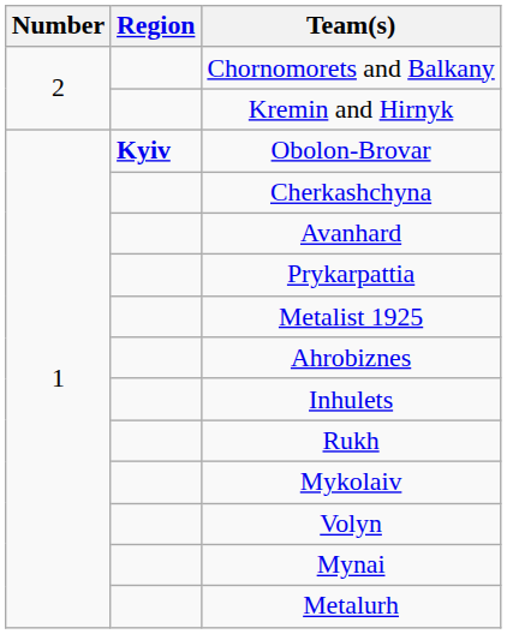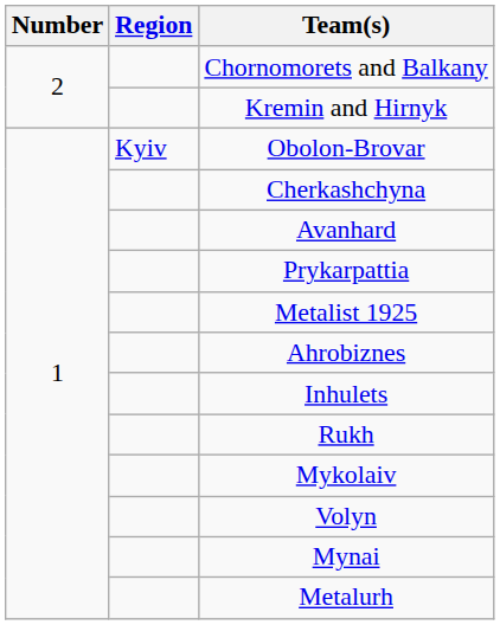 <table class="wikitable" style="text-align:center">
 <tr>
 <th>Number</th>
 <th><a href='#'>Region</a></th>
 <th>Team(s)</th>
 </tr>
 <tr>
 <td rowspan="2">2</td>
 <td align="left"></td>
 <td><a href='#'>Chornomorets</a> and <a href='#'>Balkany</a></td>
 </tr>
 <tr>
 <td align="left"></td>
 <td><a href='#'>Kremin</a> and <a href='#'>Hirnyk</a></td>
 </tr>
 <tr>
 <td rowspan="12">1</td>
-<td align="left"><strong> <a href='#'>Kyiv</a></strong></td>
+<td align="left"> <a href='#'>Kyiv</a></td>
 <td><a href='#'>Obolon-Brovar</a></td>
 </tr>
 <tr>
 <td align="left"></td>
 <td><a href='#'>Cherkashchyna</a></td>
 </tr>
 <tr>
 <td align="left"></td>
 <td><a href='#'>Avanhard</a></td>
 </tr>
 <tr>
 <td align="left"></td>
 <td><a href='#'>Prykarpattia</a></td>
 </tr>
 <tr>
 <td align="left"></td>
 <td><a href='#'>Metalist 1925</a></td>
 </tr>
 <tr>
 <td align="left"></td>
 <td><a href='#'>Ahrobiznes</a></td>
 </tr>
 <tr>
 <td align="left"></td>
 <td><a href='#'>Inhulets</a></td>
 </tr>
 <tr>
 <td align="left"></td>
 <td><a href='#'>Rukh</a></td>
 </tr>
 <tr>
 <td align="left"></td>
 <td><a href='#'>Mykolaiv</a></td>
 </tr>
 <tr>
 <td align="left"></td>
 <td><a href='#'>Volyn</a></td>
 </tr>
 <tr>
 <td align="left"></td>
 <td><a href='#'>Mynai</a></td>
 </tr>
 <tr>
 <td align="left"></td>
 <td><a href='#'>Metalurh</a></td>
 </tr>
 </table>
